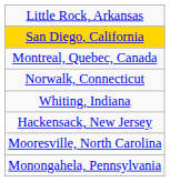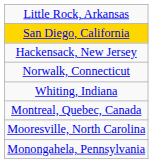 <table class="wikitable" style="text-align: center;">
 <tr>
 <td> <a href='#'>Little Rock, Arkansas</a></td>
 </tr>
 <tr>
 <td style="background: gold;"> <a href='#'>San Diego, California</a></td>
 </tr>
 <tr>
-<td> <a href='#'>Montreal, Quebec, Canada</a></td>
+<td> <a href='#'>Hackensack, New Jersey</a></td>
 </tr>
 <tr>
 <td> <a href='#'>Norwalk, Connecticut</a></td>
 </tr>
 <tr>
 <td> <a href='#'>Whiting, Indiana</a></td>
 </tr>
 <tr>
-<td> <a href='#'>Hackensack, New Jersey</a></td>
+<td> <a href='#'>Montreal, Quebec, Canada</a></td>
 </tr>
 <tr>
 <td> <a href='#'>Mooresville, North Carolina</a></td>
 </tr>
 <tr>
 <td> <a href='#'>Monongahela, Pennsylvania</a></td>
 </tr>
 </table>
